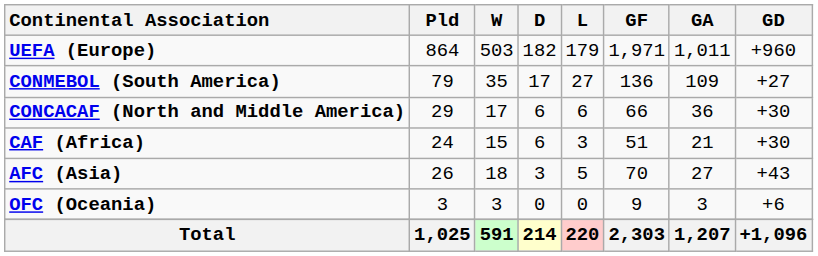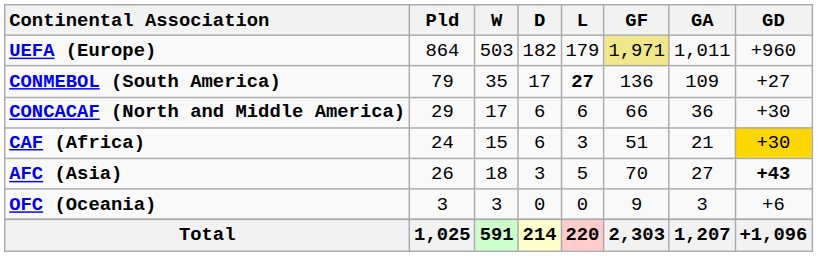 <table class="wikitable sortable" style="text-align:center">
 <tr>
 <th style="text-align:left">Continental Association</th>
 <th>Pld</th>
 <th>W</th>
 <th>D</th>
 <th>L</th>
 <th>GF</th>
 <th>GA</th>
 <th>GD</th>
 </tr>
 <tr>
 <td style="text-align:left"><strong><a href='#'>UEFA</a> (Europe)</strong></td>
 <td>864</td>
 <td>503</td>
 <td>182</td>
 <td>179</td>
-<td>1,971</td>
+<td style="background: khaki;">1,971</td>
 <td>1,011</td>
 <td>+960</td>
 </tr>
 <tr>
 <td style="text-align:left"><strong><a href='#'>CONMEBOL</a> (South America)</strong></td>
 <td>79</td>
 <td>35</td>
 <td>17</td>
-<td>27</td>
+<td><strong>27</strong></td>
 <td>136</td>
 <td>109</td>
 <td>+27</td>
 </tr>
 <tr>
 <td style="text-align:left"><strong><a href='#'>CONCACAF</a> (North and Middle America)</strong></td>
 <td>29</td>
 <td>17</td>
 <td>6</td>
 <td>6</td>
 <td>66</td>
 <td>36</td>
 <td>+30</td>
 </tr>
 <tr>
 <td style="text-align:left"><strong><a href='#'>CAF</a> (Africa)</strong></td>
 <td>24</td>
 <td>15</td>
 <td>6</td>
 <td>3</td>
 <td>51</td>
 <td>21</td>
-<td>+30</td>
+<td style="background: gold;">+30</td>
 </tr>
 <tr>
 <td style="text-align:left"><strong><a href='#'>AFC</a> (Asia)</strong></td>
 <td>26</td>
 <td>18</td>
 <td>3</td>
 <td>5</td>
 <td>70</td>
 <td>27</td>
-<td>+43</td>
+<td><strong>+43</strong></td>
 </tr>
 <tr>
 <td style="text-align:left"><strong><a href='#'>OFC</a> (Oceania)</strong></td>
 <td>3</td>
 <td>3</td>
 <td>0</td>
 <td>0</td>
 <td>9</td>
 <td>3</td>
 <td>+6</td>
 </tr>
 <tr>
 </tr>
 <tr class="sortbottom">
 <th>Total</th>
 <th>1,025</th>
 <th style="background:#CCFFCC">591</th>
 <th style="background:#FFFFCC">214</th>
 <th style="background:#FFCCCC">220</th>
 <th>2,303</th>
 <th>1,207</th>
 <th>+1,096</th>
 </tr>
 </table>
